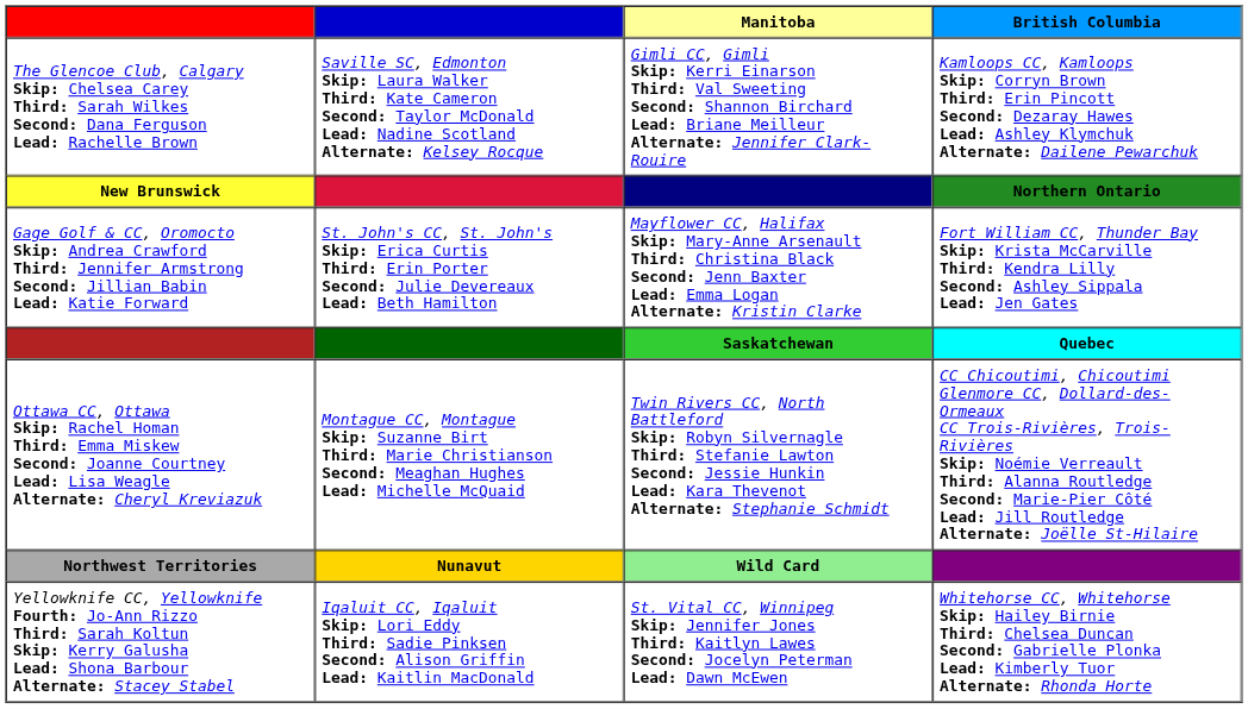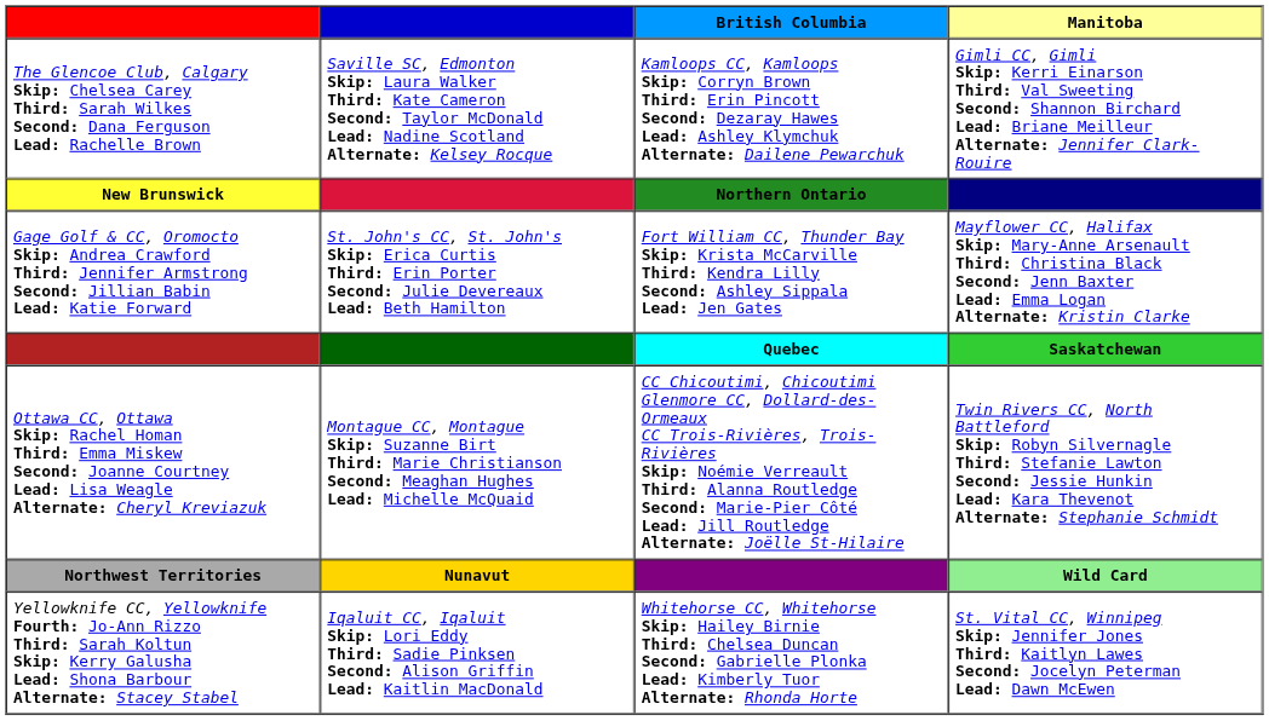 <table border=1 cellpadding=5 cellspacing=0>
 <tr>
 <th bgcolor="#FF0000" width="250"> </th>
 <th bgcolor="#0000CD" width="250"> </th>
+<th bgcolor="#0099FF" width="250"> British Columbia</th>
 <th bgcolor="#FFFF99" width="250"> Manitoba</th>
-<th bgcolor="#0099FF" width="250"> British Columbia</th>
 </tr>
 <tr>
 <td><em><a href='#'>The Glencoe Club</a>, <a href='#'>Calgary</a></em><br><strong>Skip:</strong> <a href='#'>Chelsea Carey</a><br> <strong>Third:</strong> <a href='#'>Sarah Wilkes</a><br> <strong>Second:</strong> <a href='#'>Dana Ferguson</a><br> <strong>Lead:</strong> <a href='#'>Rachelle Brown</a></td>
 <td><em><a href='#'>Saville SC</a>, <a href='#'>Edmonton</a></em><br><strong>Skip:</strong> <a href='#'>Laura Walker</a><br> <strong>Third:</strong> <a href='#'>Kate Cameron</a><br> <strong>Second:</strong> <a href='#'>Taylor McDonald</a><br> <strong>Lead:</strong> <a href='#'>Nadine Scotland</a><br> <strong>Alternate:</strong> <em><a href='#'>Kelsey Rocque</a></em></td>
+<td><em><a href='#'>Kamloops CC</a>, <a href='#'>Kamloops</a></em><br><strong>Skip:</strong> <a href='#'>Corryn Brown</a><br> <strong>Third:</strong> <a href='#'>Erin Pincott</a><br> <strong>Second:</strong> <a href='#'>Dezaray Hawes</a><br> <strong>Lead:</strong> <a href='#'>Ashley Klymchuk</a><br> <strong>Alternate:</strong> <em><a href='#'>Dailene Pewarchuk</a></em></td>
 <td><em><a href='#'>Gimli CC</a>, <a href='#'>Gimli</a></em><br><strong>Skip:</strong> <a href='#'>Kerri Einarson</a><br> <strong>Third:</strong> <a href='#'>Val Sweeting</a><br> <strong>Second:</strong> <a href='#'>Shannon Birchard</a><br> <strong>Lead:</strong> <a href='#'>Briane Meilleur</a><br> <strong>Alternate:</strong> <em><a href='#'>Jennifer Clark-Rouire</a></em></td>
-<td><em><a href='#'>Kamloops CC</a>, <a href='#'>Kamloops</a></em><br><strong>Skip:</strong> <a href='#'>Corryn Brown</a><br> <strong>Third:</strong> <a href='#'>Erin Pincott</a><br> <strong>Second:</strong> <a href='#'>Dezaray Hawes</a><br> <strong>Lead:</strong> <a href='#'>Ashley Klymchuk</a><br> <strong>Alternate:</strong> <em><a href='#'>Dailene Pewarchuk</a></em></td>
 </tr>
 <tr border=1 cellpadding=5 cellspacing=0>
 <th bgcolor="#FFFF33" width="250"> New Brunswick</th>
 <th bgcolor="#DC143C" width="250"> </th>
+<th bgcolor="#228B22" width="250"> Northern Ontario</th>
 <th bgcolor="#000080" width="250"> </th>
-<th bgcolor="#228B22" width="250"> Northern Ontario</th>
 </tr>
 <tr>
 <td><em><a href='#'>Gage Golf & CC</a>, <a href='#'>Oromocto</a></em><br><strong>Skip:</strong> <a href='#'>Andrea Crawford</a><br> <strong>Third:</strong> <a href='#'>Jennifer Armstrong</a><br> <strong>Second:</strong> <a href='#'>Jillian Babin</a><br> <strong>Lead:</strong> <a href='#'>Katie Forward</a></td>
 <td><em><a href='#'>St. John's CC</a>, <a href='#'>St. John's</a></em><br><strong>Skip:</strong> <a href='#'>Erica Curtis</a><br> <strong>Third:</strong> <a href='#'>Erin Porter</a><br> <strong>Second:</strong> <a href='#'>Julie Devereaux</a><br> <strong>Lead:</strong> <a href='#'>Beth Hamilton</a></td>
+<td><em><a href='#'>Fort William CC</a>, <a href='#'>Thunder Bay</a></em><br><strong>Skip:</strong> <a href='#'>Krista McCarville</a><br> <strong>Third:</strong> <a href='#'>Kendra Lilly</a><br> <strong>Second:</strong> <a href='#'>Ashley Sippala</a><br> <strong>Lead:</strong> <a href='#'>Jen Gates</a><br></td>
 <td><em><a href='#'>Mayflower CC</a>, <a href='#'>Halifax</a></em><br><strong>Skip:</strong> <a href='#'>Mary-Anne Arsenault</a><br> <strong>Third:</strong> <a href='#'>Christina Black</a><br> <strong>Second:</strong> <a href='#'>Jenn Baxter</a><br> <strong>Lead:</strong> <a href='#'>Emma Logan</a><br> <strong>Alternate:</strong> <em><a href='#'>Kristin Clarke</a></em></td>
-<td><em><a href='#'>Fort William CC</a>, <a href='#'>Thunder Bay</a></em><br><strong>Skip:</strong> <a href='#'>Krista McCarville</a><br> <strong>Third:</strong> <a href='#'>Kendra Lilly</a><br> <strong>Second:</strong> <a href='#'>Ashley Sippala</a><br> <strong>Lead:</strong> <a href='#'>Jen Gates</a><br></td>
 </tr>
 <tr border=1 cellpadding=5 cellspacing=0>
 <th bgcolor="#B22222" width="250"> </th>
 <th bgcolor="#006400" width="250"> </th>
+<th bgcolor="#00FFFF" width="250"> Quebec</th>
 <th bgcolor="#32CD32" width="250"> Saskatchewan</th>
-<th bgcolor="#00FFFF" width="250"> Quebec</th>
 </tr>
 <tr>
 <td><em><a href='#'>Ottawa CC</a>, <a href='#'>Ottawa</a></em><br><strong>Skip:</strong> <a href='#'>Rachel Homan</a><br> <strong>Third:</strong> <a href='#'>Emma Miskew</a><br> <strong>Second:</strong> <a href='#'>Joanne Courtney</a><br> <strong>Lead:</strong> <a href='#'>Lisa Weagle</a><br> <strong>Alternate:</strong> <em><a href='#'>Cheryl Kreviazuk</a></em></td>
 <td><em><a href='#'>Montague CC</a>, <a href='#'>Montague</a></em><br><strong>Skip:</strong> <a href='#'>Suzanne Birt</a><br> <strong>Third:</strong> <a href='#'>Marie Christianson</a><br> <strong>Second:</strong> <a href='#'>Meaghan Hughes</a><br> <strong>Lead:</strong> <a href='#'>Michelle McQuaid</a></td>
+<td><em><a href='#'>CC Chicoutimi</a>, <a href='#'>Chicoutimi</a> <br> <a href='#'>Glenmore CC</a>, <a href='#'>Dollard-des-Ormeaux</a> <br> <a href='#'>CC Trois-Rivières</a>, <a href='#'>Trois-Rivières</a></em><br><strong>Skip:</strong> <a href='#'>Noémie Verreault</a><br> <strong>Third:</strong> <a href='#'>Alanna Routledge</a><br> <strong>Second:</strong> <a href='#'>Marie-Pier Côté</a><br> <strong>Lead:</strong> <a href='#'>Jill Routledge</a><br> <strong>Alternate:</strong> <em><a href='#'>Joëlle St-Hilaire</a></em></td>
 <td><em><a href='#'>Twin Rivers CC</a>, <a href='#'>North Battleford</a></em><br><strong>Skip:</strong> <a href='#'>Robyn Silvernagle</a><br> <strong>Third:</strong> <a href='#'>Stefanie Lawton</a><br> <strong>Second:</strong> <a href='#'>Jessie Hunkin</a><br> <strong>Lead:</strong> <a href='#'>Kara Thevenot</a><br> <strong>Alternate:</strong> <em><a href='#'>Stephanie Schmidt</a></em></td>
-<td><em><a href='#'>CC Chicoutimi</a>, <a href='#'>Chicoutimi</a> <br> <a href='#'>Glenmore CC</a>, <a href='#'>Dollard-des-Ormeaux</a> <br> <a href='#'>CC Trois-Rivières</a>, <a href='#'>Trois-Rivières</a></em><br><strong>Skip:</strong> <a href='#'>Noémie Verreault</a><br> <strong>Third:</strong> <a href='#'>Alanna Routledge</a><br> <strong>Second:</strong> <a href='#'>Marie-Pier Côté</a><br> <strong>Lead:</strong> <a href='#'>Jill Routledge</a><br> <strong>Alternate:</strong> <em><a href='#'>Joëlle St-Hilaire</a></em></td>
 </tr>
 <tr border=1 cellpadding=5 cellspacing=0>
 <th bgcolor="#A9A9A9" width="250"> Northwest Territories</th>
 <th bgcolor="#FFDD500" width="250"> Nunavut</th>
+<th bgcolor="#800080" width="250"> </th>
 <th bgcolor="#90EE90" width="250"> Wild Card</th>
-<th bgcolor="#800080" width="250"> </th>
 </tr>
 <tr>
 <td><em>Yellowknife CC, <a href='#'>Yellowknife</a></em><br><strong>Fourth:</strong> <a href='#'>Jo-Ann Rizzo</a><br> <strong>Third:</strong> <a href='#'>Sarah Koltun</a><br> <strong>Skip:</strong> <a href='#'>Kerry Galusha</a><br> <strong>Lead:</strong> <a href='#'>Shona Barbour</a><br> <strong>Alternate:</strong> <em><a href='#'>Stacey Stabel</a></em></td>
 <td><em><a href='#'>Iqaluit CC</a>, <a href='#'>Iqaluit</a></em><br><strong>Skip:</strong> <a href='#'>Lori Eddy</a><br> <strong>Third:</strong> <a href='#'>Sadie Pinksen</a><br> <strong>Second:</strong> <a href='#'>Alison Griffin</a><br> <strong>Lead:</strong> <a href='#'>Kaitlin MacDonald</a></td>
+<td><em><a href='#'>Whitehorse CC</a>, <a href='#'>Whitehorse</a></em><br><strong>Skip:</strong> <a href='#'>Hailey Birnie</a><br> <strong>Third:</strong> <a href='#'>Chelsea Duncan</a><br> <strong>Second:</strong> <a href='#'>Gabrielle Plonka</a><br> <strong>Lead:</strong> <a href='#'>Kimberly Tuor</a><br> <strong>Alternate:</strong> <em><a href='#'>Rhonda Horte</a></em></td>
 <td><em><a href='#'>St. Vital CC</a>, <a href='#'>Winnipeg</a></em><br><strong>Skip:</strong> <a href='#'>Jennifer Jones</a><br> <strong>Third:</strong> <a href='#'>Kaitlyn Lawes</a><br> <strong>Second:</strong> <a href='#'>Jocelyn Peterman</a><br> <strong>Lead:</strong> <a href='#'>Dawn McEwen</a></td>
-<td><em><a href='#'>Whitehorse CC</a>, <a href='#'>Whitehorse</a></em><br><strong>Skip:</strong> <a href='#'>Hailey Birnie</a><br> <strong>Third:</strong> <a href='#'>Chelsea Duncan</a><br> <strong>Second:</strong> <a href='#'>Gabrielle Plonka</a><br> <strong>Lead:</strong> <a href='#'>Kimberly Tuor</a><br> <strong>Alternate:</strong> <em><a href='#'>Rhonda Horte</a></em></td>
 </tr>
 </table>
